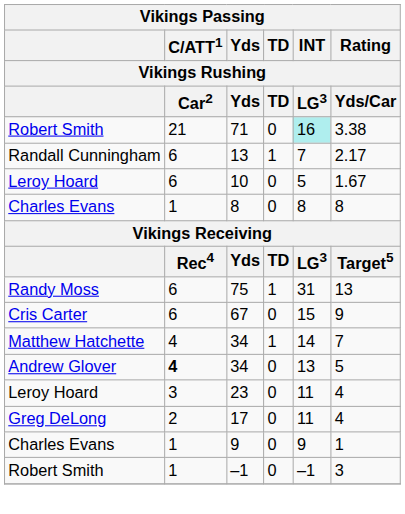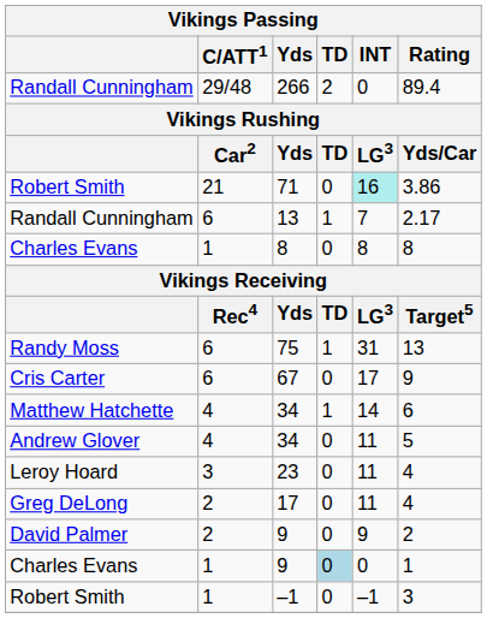 <table class="wikitable">
 <tr>
 <th colspan="6">Vikings Passing</th>
 </tr>
 <tr>
 <th></th>
 <th>C/ATT<sup>1</sup></th>
 <th>Yds</th>
 <th>TD</th>
 <th>INT</th>
 <th>Rating</th>
+</tr>
+<tr>
+<td><a href='#'>Randall Cunningham</a></td>
+<td>29/48</td>
+<td>266</td>
+<td>2</td>
+<td>0</td>
+<td>89.4</td>
 </tr>
 <tr>
 <th colspan="6">Vikings Rushing</th>
 </tr>
 <tr>
 <th></th>
 <th>Car<sup>2</sup></th>
 <th>Yds</th>
 <th>TD</th>
 <th>LG<sup>3</sup></th>
 <th>Yds/Car</th>
 </tr>
 <tr>
 <td><a href='#'>Robert Smith</a></td>
 <td>21</td>
 <td>71</td>
 <td>0</td>
 <td style="background: paleturquoise;">16</td>
-<td>3.38</td>
+<td>3.86</td>
 </tr>
 <tr>
 <td>Randall Cunningham</td>
 <td>6</td>
 <td>13</td>
 <td>1</td>
 <td>7</td>
 <td>2.17</td>
-</tr>
-<tr>
-<td><a href='#'>Leroy Hoard</a></td>
-<td>6</td>
-<td>10</td>
-<td>0</td>
-<td>5</td>
-<td>1.67</td>
 </tr>
 <tr>
 <td><a href='#'>Charles Evans</a></td>
 <td>1</td>
 <td>8</td>
 <td>0</td>
 <td>8</td>
 <td>8</td>
 </tr>
 <tr>
 <th colspan="6">Vikings Receiving</th>
 </tr>
 <tr>
 <th></th>
 <th>Rec<sup>4</sup></th>
 <th>Yds</th>
 <th>TD</th>
 <th>LG<sup>3</sup></th>
 <th>Target<sup>5</sup></th>
 </tr>
 <tr>
 <td><a href='#'>Randy Moss</a></td>
 <td>6</td>
 <td>75</td>
 <td>1</td>
 <td>31</td>
 <td>13</td>
 </tr>
 <tr>
 <td><a href='#'>Cris Carter</a></td>
 <td>6</td>
 <td>67</td>
 <td>0</td>
-<td>15</td>
+<td>17</td>
 <td>9</td>
 </tr>
 <tr>
 <td><a href='#'>Matthew Hatchette</a></td>
 <td>4</td>
 <td>34</td>
 <td>1</td>
 <td>14</td>
-<td>7</td>
+<td>6</td>
 </tr>
 <tr>
 <td><a href='#'>Andrew Glover</a></td>
-<td><strong>4</strong></td>
+<td>4</td>
 <td>34</td>
 <td>0</td>
-<td>13</td>
+<td>11</td>
 <td>5</td>
 </tr>
 <tr>
 <td>Leroy Hoard</td>
 <td>3</td>
 <td>23</td>
 <td>0</td>
 <td>11</td>
 <td>4</td>
 </tr>
 <tr>
 <td><a href='#'>Greg DeLong</a></td>
 <td>2</td>
 <td>17</td>
 <td>0</td>
 <td>11</td>
 <td>4</td>
 </tr>
 <tr>
+<td><a href='#'>David Palmer</a></td>
+<td>2</td>
+<td>9</td>
+<td>0</td>
+<td>9</td>
+<td>2</td>
+</tr>
+<tr>
 <td>Charles Evans</td>
 <td>1</td>
 <td>9</td>
+<td style="background: lightblue;">0</td>
 <td>0</td>
-<td>9</td>
 <td>1</td>
 </tr>
 <tr>
 <td>Robert Smith</td>
 <td>1</td>
 <td>–1</td>
 <td>0</td>
 <td>–1</td>
 <td>3</td>
 </tr>
 <tr>
 </tr>
 </table>
